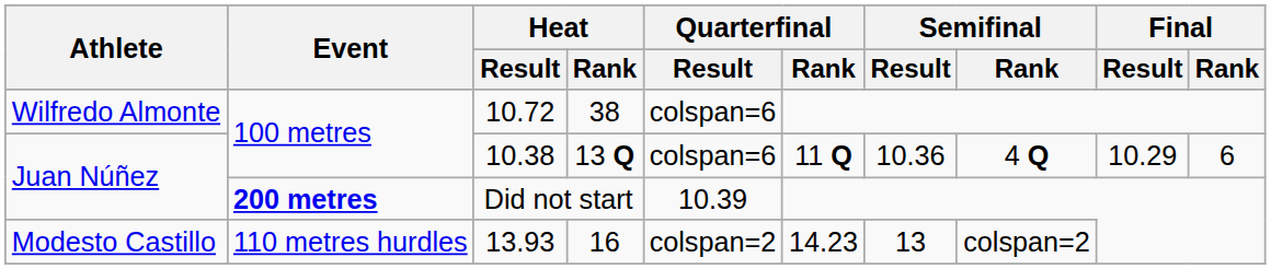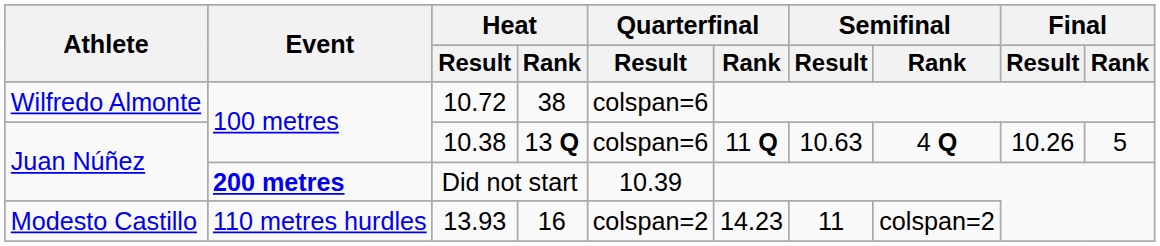 <table class=wikitable style=font-size:90%>
 <tr>
 <th rowspan=2>Athlete</th>
 <th rowspan=2>Event</th>
 <th colspan=2>Heat</th>
 <th colspan=2>Quarterfinal</th>
 <th colspan=2>Semifinal</th>
 <th colspan=2>Final</th>
 </tr>
 <tr style=font-size:95%>
 <th>Result</th>
 <th>Rank</th>
 <th>Result</th>
 <th>Rank</th>
 <th>Result</th>
 <th>Rank</th>
 <th>Result</th>
 <th>Rank</th>
 </tr>
 <tr align=center>
 <td align=left><a href='#'>Wilfredo Almonte</a></td>
 <td align=left rowspan=2><a href='#'>100 metres</a></td>
 <td>10.72</td>
 <td>38</td>
 <td>colspan=6 </td>
 </tr>
 <tr align=center>
 <td align=left rowspan=2><a href='#'>Juan Núñez</a></td>
 <td>10.38 </td>
 <td>13 <strong>Q</strong></td>
 <td>colspan=6 </td>
 <td>11 <strong>Q</strong></td>
-<td>10.36</td>
+<td>10.63</td>
 <td>4 <strong>Q</strong></td>
-<td>10.29</td>
-<td>6</td>
+<td>10.26</td>
+<td>5</td>
 </tr>
 <tr align=center>
 <td align=left><strong><a href='#'>200 metres</a></strong></td>
 <td colspan="2">Did not start</td>
 <td>10.39</td>
 </tr>
 <tr align=center>
 <td align=left><a href='#'>Modesto Castillo</a></td>
 <td align=left><a href='#'>110 metres hurdles</a></td>
 <td>13.93</td>
 <td>16</td>
 <td>colspan=2 </td>
 <td>14.23</td>
-<td>13</td>
+<td>11</td>
 <td>colspan=2 </td>
 </tr>
 </table>
